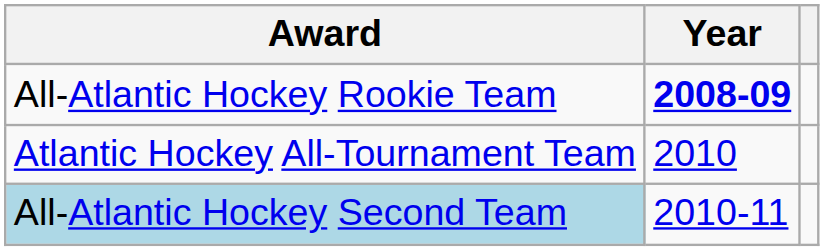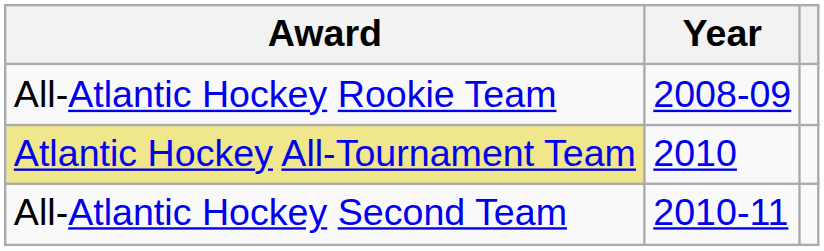 <table class="wikitable">
 <tr>
 <th>Award</th>
 <th>Year</th>
 <th></th>
 </tr>
 <tr>
 <td>All-<a href='#'>Atlantic Hockey</a> <a href='#'>Rookie Team</a></td>
-<td><strong><a href='#'>2008-09</a></strong></td>
+<td><a href='#'>2008-09</a></td>
 <td></td>
 </tr>
 <tr>
-<td><a href='#'>Atlantic Hockey</a> <a href='#'>All-Tournament Team</a></td>
+<td style="background: khaki;"><a href='#'>Atlantic Hockey</a> <a href='#'>All-Tournament Team</a></td>
 <td><a href='#'>2010</a></td>
 <td></td>
 </tr>
 <tr>
-<td style="background: lightblue;">All-<a href='#'>Atlantic Hockey</a> <a href='#'>Second Team</a></td>
+<td>All-<a href='#'>Atlantic Hockey</a> <a href='#'>Second Team</a></td>
 <td><a href='#'>2010-11</a></td>
 <td></td>
 </tr>
 </table>
